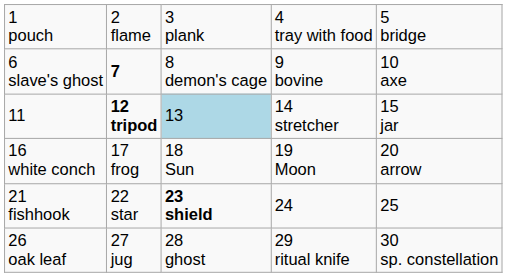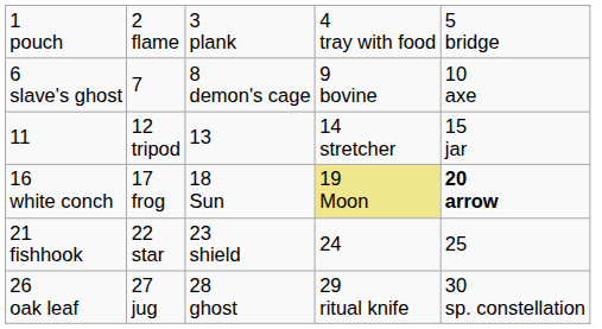 <table class="wikitable">
 <tr>
 <td>1 <br>pouch</td>
 <td>2 <br>flame</td>
 <td>3 <br>plank</td>
 <td>4 <br>tray with food</td>
 <td>5 <br>bridge</td>
 </tr>
 <tr>
 <td>6 <br>slave's ghost</td>
-<td><strong>7 <br></strong></td>
+<td>7 <br></td>
 <td>8 <br>demon's cage</td>
 <td>9 <br>bovine</td>
 <td>10 <br>axe</td>
 </tr>
 <tr>
 <td>11 <br></td>
-<td><strong>12 <br>tripod</strong></td>
-<td style="background: lightblue;">13 <br></td>
+<td>12 <br>tripod</td>
+<td>13 <br></td>
 <td>14 <br>stretcher</td>
 <td>15 <br>jar</td>
 </tr>
 <tr>
 <td>16 <br>white conch</td>
 <td>17 <br>frog</td>
 <td>18 <br>Sun</td>
-<td>19 <br>Moon</td>
-<td>20 <br>arrow</td>
+<td style="background: khaki;">19 <br>Moon</td>
+<td><strong>20 <br>arrow</strong></td>
 </tr>
 <tr>
 <td>21 <br>fishhook</td>
 <td>22 <br>star</td>
-<td><strong>23 <br>shield</strong></td>
+<td>23 <br>shield</td>
 <td>24 <br></td>
 <td>25 <br></td>
 </tr>
 <tr>
 <td>26 <br>oak leaf</td>
 <td>27 <br>jug</td>
 <td>28 <br>ghost</td>
 <td>29 <br>ritual knife</td>
 <td>30 <br>sp. constellation</td>
 </tr>
 </table>
